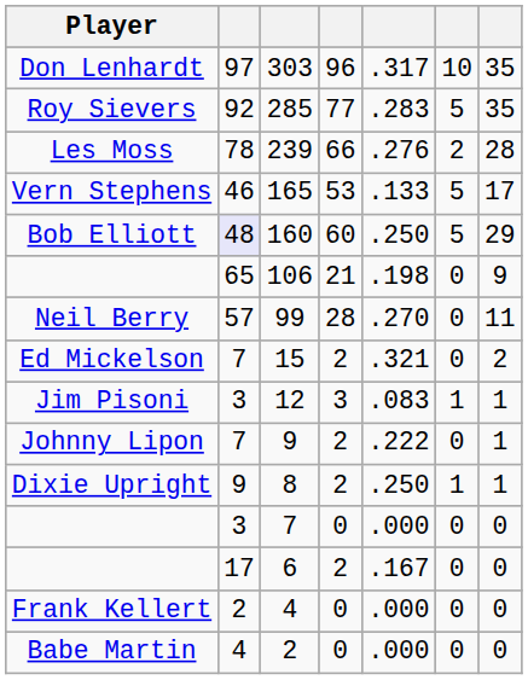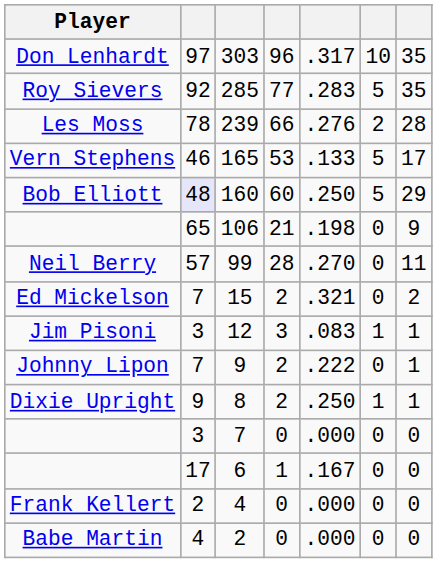 <table class="wikitable sortable">
 <tr>
 <th>Player</th>
 <th></th>
 <th><small></small></th>
 <th></th>
 <th></th>
 <th></th>
 <th></th>
 </tr>
 <tr align="center">
 <td><a href='#'>Don Lenhardt</a></td>
 <td>97</td>
 <td>303</td>
 <td>96</td>
 <td>.317</td>
 <td>10</td>
 <td>35</td>
 </tr>
 <tr align=center>
 <td><a href='#'>Roy Sievers</a></td>
 <td>92</td>
 <td>285</td>
 <td>77</td>
 <td>.283</td>
 <td>5</td>
 <td>35</td>
 </tr>
 <tr align=center>
 <td><a href='#'>Les Moss</a></td>
 <td>78</td>
 <td>239</td>
 <td>66</td>
 <td>.276</td>
 <td>2</td>
 <td>28</td>
 </tr>
 <tr align=center>
 <td><a href='#'>Vern Stephens</a></td>
 <td>46</td>
 <td>165</td>
 <td>53</td>
 <td>.133</td>
 <td>5</td>
 <td>17</td>
 </tr>
 <tr align=center>
 <td><a href='#'>Bob Elliott</a></td>
 <td style="background: lavender;">48</td>
 <td>160</td>
 <td>60</td>
 <td>.250</td>
 <td>5</td>
 <td>29</td>
 </tr>
 <tr align=center>
 <td></td>
 <td>65</td>
 <td>106</td>
 <td>21</td>
 <td>.198</td>
 <td>0</td>
 <td>9</td>
 </tr>
 <tr align="center">
 <td><a href='#'>Neil Berry</a></td>
 <td>57</td>
 <td>99</td>
 <td>28</td>
 <td>.270</td>
 <td>0</td>
 <td>11</td>
 </tr>
 <tr align=center>
 <td><a href='#'>Ed Mickelson</a></td>
 <td>7</td>
 <td>15</td>
 <td>2</td>
 <td>.321</td>
 <td>0</td>
 <td>2</td>
 </tr>
 <tr align=center>
 <td><a href='#'>Jim Pisoni</a></td>
 <td>3</td>
 <td>12</td>
 <td>3</td>
 <td>.083</td>
 <td>1</td>
 <td>1</td>
 </tr>
 <tr align=center>
 <td><a href='#'>Johnny Lipon</a></td>
 <td>7</td>
 <td>9</td>
 <td>2</td>
 <td>.222</td>
 <td>0</td>
 <td>1</td>
 </tr>
 <tr align=center>
 <td><a href='#'>Dixie Upright</a></td>
 <td>9</td>
 <td>8</td>
 <td>2</td>
 <td>.250</td>
 <td>1</td>
 <td>1</td>
 </tr>
 <tr align=center>
 <td></td>
 <td>3</td>
 <td>7</td>
 <td>0</td>
 <td>.000</td>
 <td>0</td>
 <td>0</td>
 </tr>
 <tr align="center">
 <td></td>
 <td>17</td>
 <td>6</td>
-<td>2</td>
+<td>1</td>
 <td>.167</td>
 <td>0</td>
 <td>0</td>
 </tr>
 <tr align="center">
 <td><a href='#'>Frank Kellert</a></td>
 <td>2</td>
 <td>4</td>
 <td>0</td>
 <td>.000</td>
 <td>0</td>
 <td>0</td>
 </tr>
 <tr align=center>
 <td><a href='#'>Babe Martin</a></td>
 <td>4</td>
 <td>2</td>
 <td>0</td>
 <td>.000</td>
 <td>0</td>
 <td>0</td>
 </tr>
 </table>
